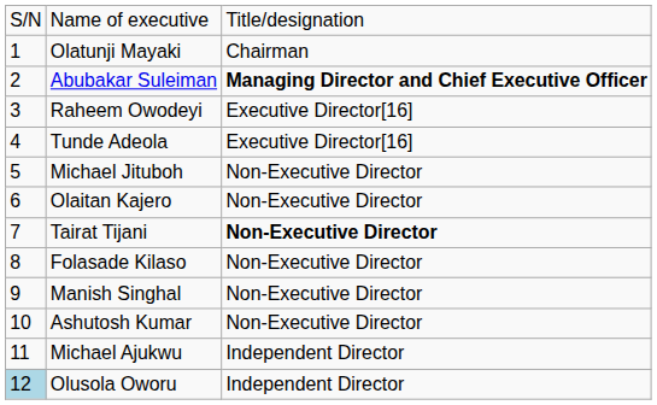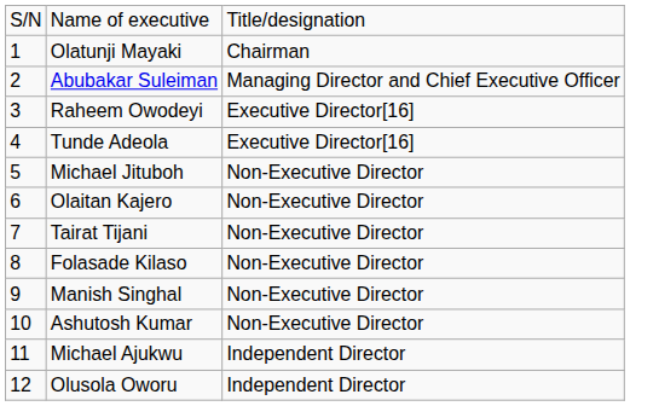 <table class="wikitable sortable mw-collapsible">
 <tr>
 <td>S/N</td>
 <td>Name of executive</td>
 <td>Title/designation</td>
 </tr>
 <tr>
 <td>1</td>
 <td>Olatunji Mayaki</td>
 <td>Chairman</td>
 </tr>
 <tr>
 <td>2</td>
 <td><a href='#'>Abubakar Suleiman</a></td>
-<td><strong>Managing Director and Chief Executive Officer</strong></td>
+<td>Managing Director and Chief Executive Officer</td>
 </tr>
 <tr>
 <td>3</td>
 <td>Raheem Owodeyi</td>
 <td>Executive Director[16]</td>
 </tr>
 <tr>
 <td>4</td>
 <td>Tunde Adeola</td>
 <td>Executive Director[16]</td>
 </tr>
 <tr>
 <td>5</td>
 <td>Michael Jituboh</td>
 <td>Non-Executive Director</td>
 </tr>
 <tr>
 <td>6</td>
 <td>Olaitan Kajero</td>
 <td>Non-Executive Director</td>
 </tr>
 <tr>
 <td>7</td>
 <td>Tairat Tijani</td>
-<td><strong>Non-Executive Director</strong></td>
+<td>Non-Executive Director</td>
 </tr>
 <tr>
 <td>8</td>
 <td>Folasade Kilaso</td>
 <td>Non-Executive Director</td>
 </tr>
 <tr>
 <td>9</td>
 <td>Manish Singhal</td>
 <td>Non-Executive Director</td>
 </tr>
 <tr>
 <td>10</td>
 <td>Ashutosh Kumar</td>
 <td>Non-Executive Director</td>
 </tr>
 <tr>
 <td>11</td>
 <td>Michael Ajukwu</td>
 <td>Independent Director</td>
 </tr>
 <tr>
-<td style="background: lightblue;">12</td>
+<td>12</td>
 <td>Olusola Oworu</td>
 <td>Independent Director</td>
 </tr>
 </table>
